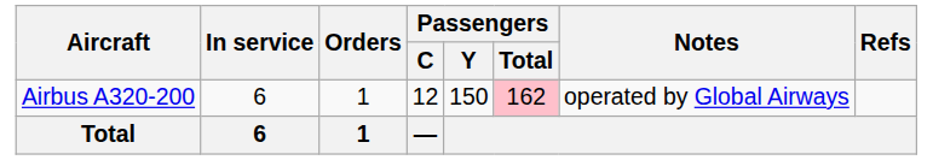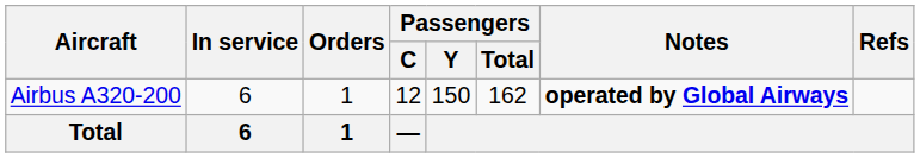 <table class="wikitable" style="border-collapse:collapse;text-align:center; margin: 1em auto;">
 <tr>
 <th rowspan="2">Aircraft</th>
 <th rowspan="2">In service</th>
 <th rowspan="2">Orders</th>
 <th colspan="3">Passengers</th>
 <th rowspan="2">Notes</th>
 <th rowspan="2">Refs</th>
 </tr>
 <tr>
 <th><abbr>C</abbr></th>
 <th><abbr>Y</abbr></th>
 <th>Total</th>
 </tr>
 <tr>
 <td><a href='#'>Airbus A320-200</a></td>
 <td>6</td>
 <td>1</td>
 <td>12</td>
 <td>150</td>
-<td style="background: pink;">162</td>
-<td>operated by <a href='#'>Global Airways</a></td>
+<td>162</td>
+<td><strong>operated by <a href='#'>Global Airways</a></strong></td>
 <td></td>
 </tr>
 <tr>
 <th>Total</th>
 <th>6</th>
 <th>1</th>
 <th>—</th>
 <th colspan="5"></th>
 </tr>
 </table>
